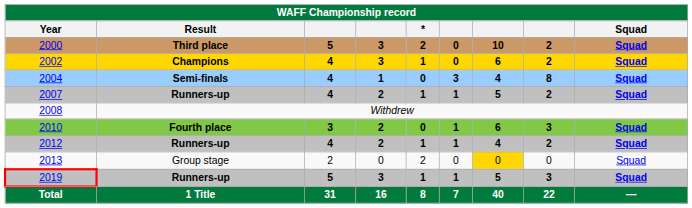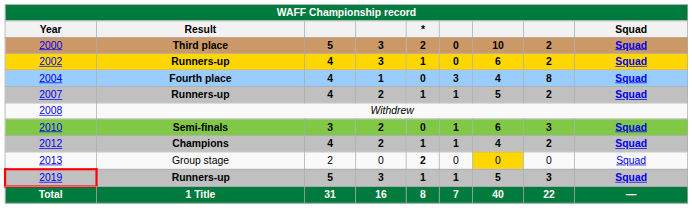 <table class="wikitable collapsed" style="font-size:90%; text-align:center;" width="60%">
 <tr>
 <th colspan=9 style="background: #007A3D; color: #FFFFFF;">WAFF Championship record</th>
 </tr>
 <tr>
 <th>Year</th>
 <th>Result</th>
 <th></th>
 <th></th>
 <th>*</th>
 <th></th>
 <th></th>
 <th></th>
 <th>Squad</th>
 </tr>
 <tr bgcolor="#cc9966">
 <td> <a href='#'>2000</a></td>
 <td><strong>Third place</strong></td>
 <td><strong>5</strong></td>
 <td><strong>3</strong></td>
 <td><strong>2</strong></td>
 <td><strong>0</strong></td>
 <td><strong>10</strong></td>
 <td><strong>2</strong></td>
 <td><strong><a href='#'>Squad</a></strong></td>
 </tr>
 <tr bgcolor=gold>
 <td> <a href='#'>2002</a></td>
-<td><strong>Champions</strong></td>
+<td><strong>Runners-up</strong></td>
 <td><strong>4</strong></td>
 <td><strong>3</strong></td>
 <td><strong>1</strong></td>
 <td><strong>0</strong></td>
 <td><strong>6</strong></td>
 <td><strong>2</strong></td>
 <td><strong><a href='#'>Squad</a></strong></td>
 </tr>
 <tr style="background:#9acdff;">
 <td> <a href='#'>2004</a></td>
-<td><strong>Semi-finals</strong></td>
+<td><strong>Fourth place</strong></td>
 <td><strong>4</strong></td>
 <td><strong>1</strong></td>
 <td><strong>0</strong></td>
 <td><strong>3</strong></td>
 <td><strong>4</strong></td>
 <td><strong>8</strong></td>
 <td><strong><a href='#'>Squad</a></strong></td>
 </tr>
 <tr bgcolor=silver>
 <td> <a href='#'>2007</a></td>
 <td><strong>Runners-up</strong></td>
 <td><strong>4</strong></td>
 <td><strong>2</strong></td>
 <td><strong>1</strong></td>
 <td><strong>1</strong></td>
 <td><strong>5</strong></td>
 <td><strong>2</strong></td>
 <td><strong><a href='#'>Squad</a></strong></td>
 </tr>
 <tr>
 <td> <a href='#'>2008</a></td>
 <td colspan="8"><em>Withdrew</em></td>
 </tr>
 <tr bgcolor="#81c846">
 <td> <a href='#'>2010</a></td>
-<td><strong>Fourth place</strong></td>
+<td><strong>Semi-finals</strong></td>
 <td><strong>3</strong></td>
 <td><strong>2</strong></td>
 <td><strong>0</strong></td>
 <td><strong>1</strong></td>
 <td><strong>6</strong></td>
 <td><strong>3</strong></td>
 <td><strong><a href='#'>Squad</a></strong></td>
 </tr>
 <tr bgcolor=silver>
 <td> <a href='#'>2012</a></td>
-<td><strong>Runners-up</strong></td>
+<td><strong>Champions</strong></td>
 <td><strong>4</strong></td>
 <td><strong>2</strong></td>
 <td><strong>1</strong></td>
 <td><strong>1</strong></td>
 <td><strong>4</strong></td>
 <td><strong>2</strong></td>
 <td><strong><a href='#'>Squad</a></strong></td>
 </tr>
 <tr>
 <td> <a href='#'>2013</a></td>
 <td>Group stage</td>
 <td>2</td>
 <td>0</td>
-<td>2</td>
+<td><strong>2</strong></td>
 <td>0</td>
 <td style="background: gold;">0</td>
 <td>0</td>
 <td><a href='#'>Squad</a></td>
 </tr>
 <tr bgcolor=silver>
 <td style="border: 3px solid red"> <a href='#'>2019</a></td>
 <td><strong>Runners-up</strong></td>
 <td><strong>5</strong></td>
 <td><strong>3</strong></td>
 <td><strong>1</strong></td>
 <td><strong>1</strong></td>
 <td><strong>5</strong></td>
 <td><strong>3</strong></td>
 <td><strong><a href='#'>Squad</a></strong></td>
 </tr>
 <tr>
 </tr>
 <tr>
 <th style="background: #007A3D; color: #FFFFFF;">Total</th>
 <th style="background: #007A3D; color: #FFFFFF;">1 Title</th>
 <th style="background: #007A3D; color: #FFFFFF;">31</th>
 <th style="background: #007A3D; color: #FFFFFF;">16</th>
 <th style="background: #007A3D; color: #FFFFFF;">8</th>
 <th style="background: #007A3D; color: #FFFFFF;">7</th>
 <th style="background: #007A3D; color: #FFFFFF;">40</th>
 <th style="background: #007A3D; color: #FFFFFF;">22</th>
 <th style="background: #007A3D; color: #FFFFFF;">—</th>
 </tr>
 </table>
